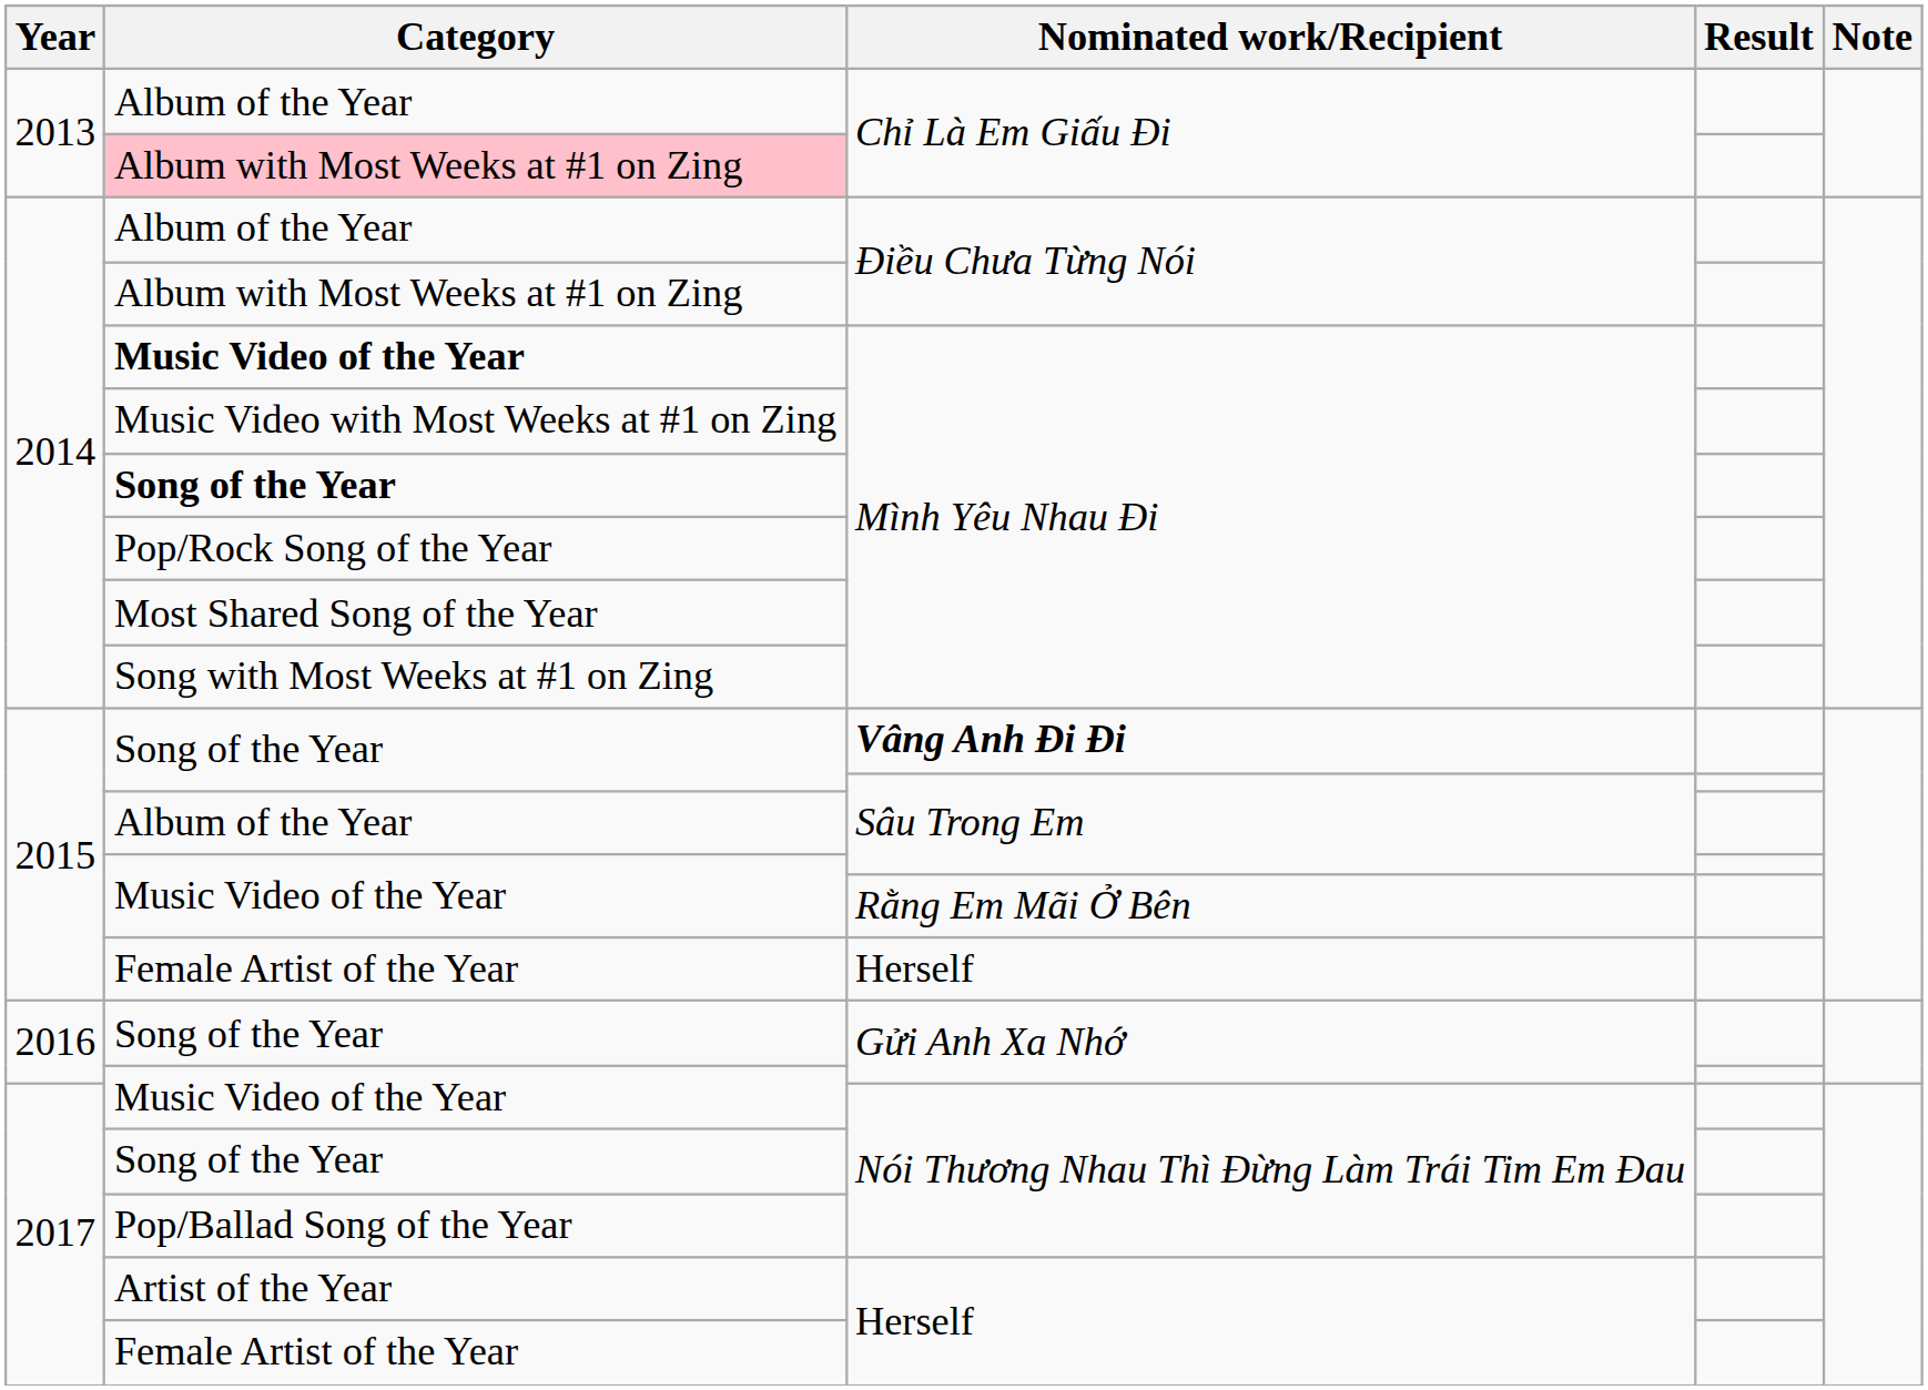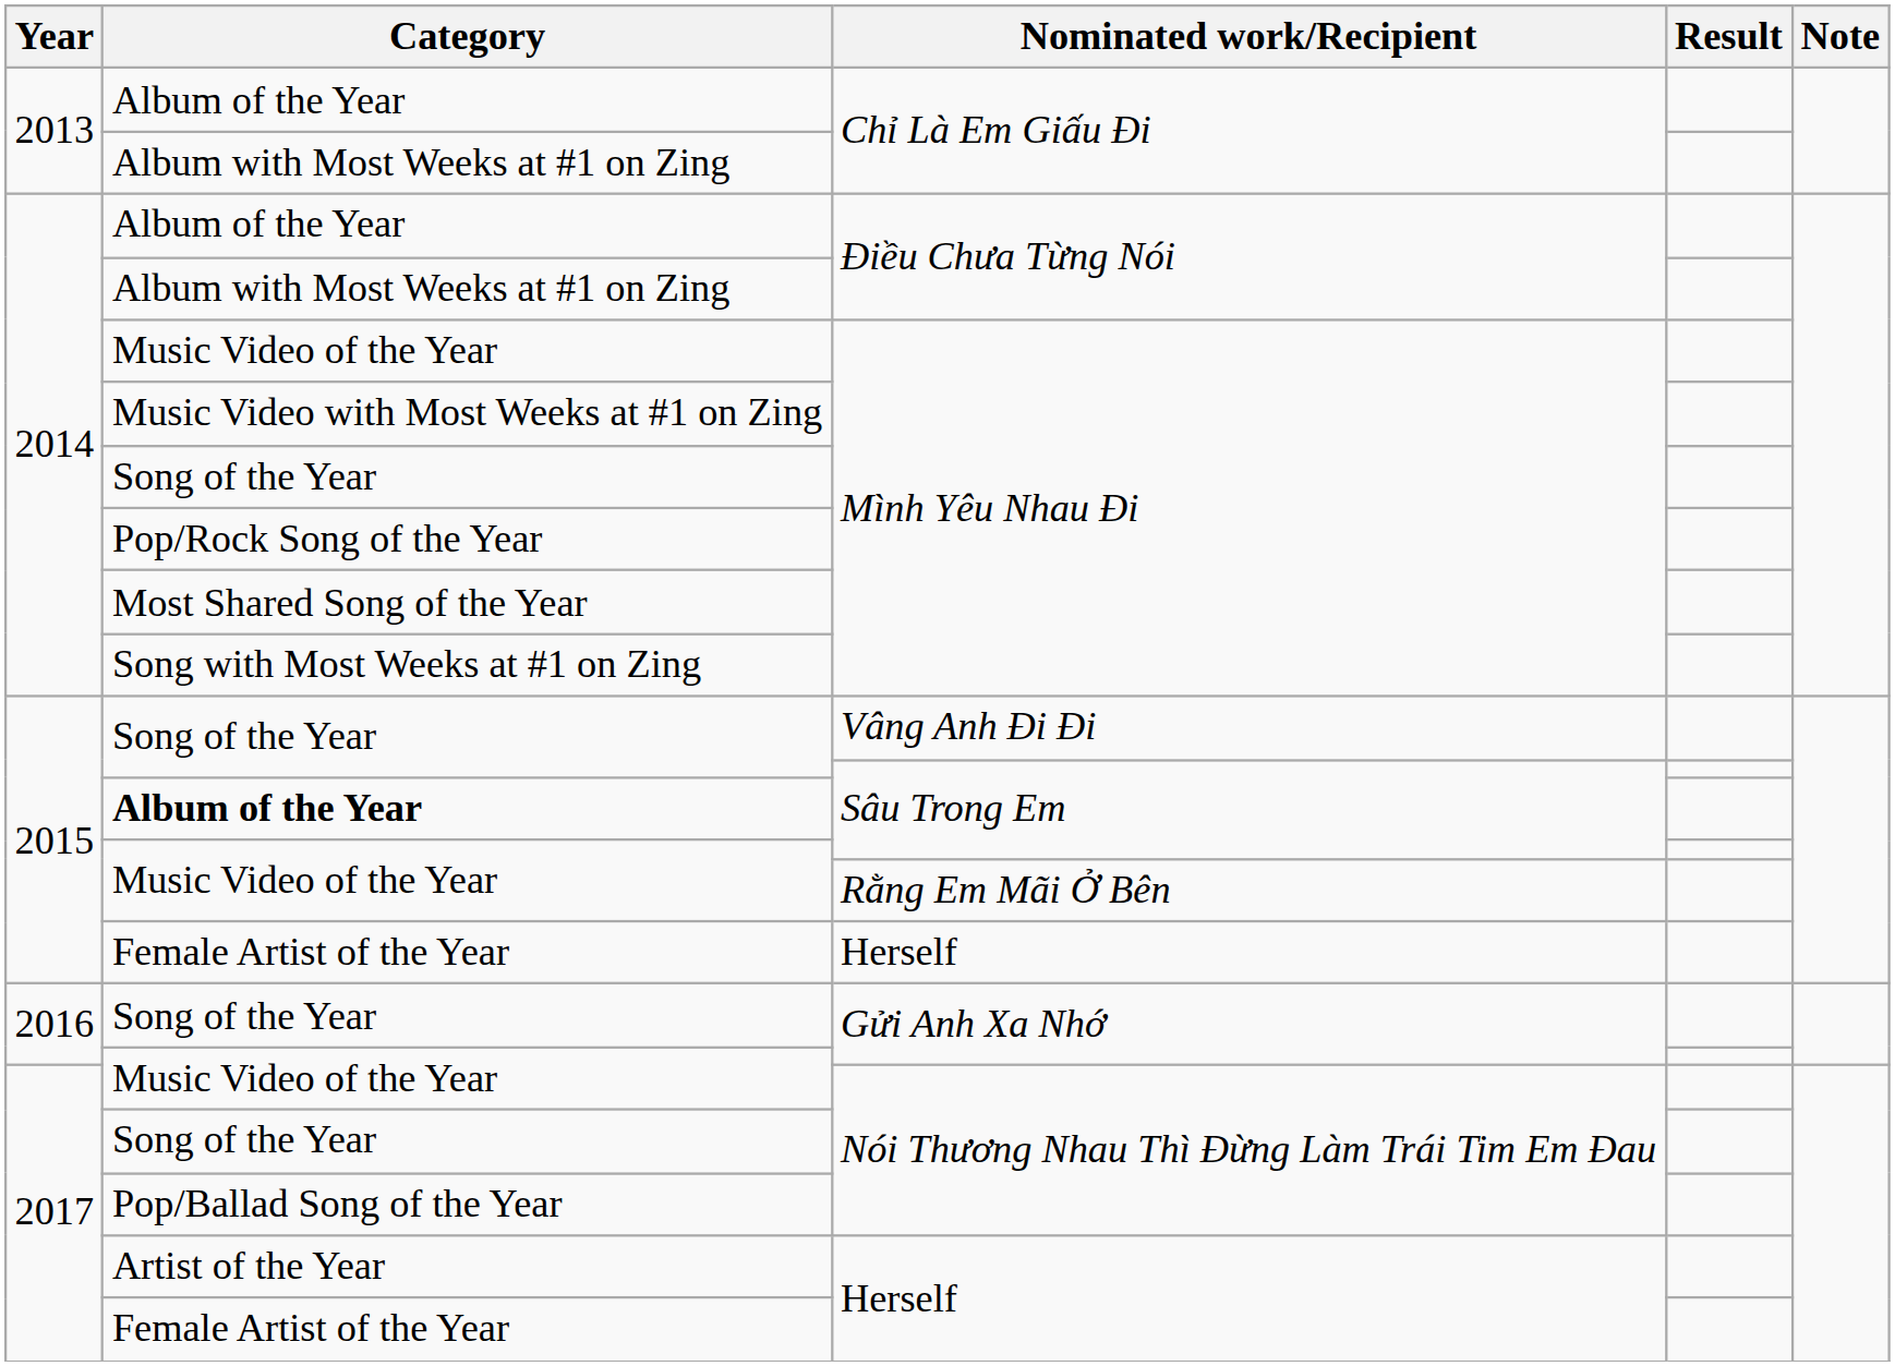 <table class="wikitable">
 <tr>
 <th>Year</th>
 <th>Category</th>
 <th>Nominated work/Recipient</th>
 <th>Result</th>
 <th>Note</th>
 </tr>
 <tr>
 <td rowspan="2">2013</td>
 <td>Album of the Year</td>
 <td rowspan="2"><em>Chỉ Là Em Giấu Đi</em></td>
 <td></td>
 <td rowspan="2"></td>
 </tr>
 <tr>
-<td style="background: pink;">Album with Most Weeks at #1 on Zing</td>
+<td>Album with Most Weeks at #1 on Zing</td>
 <td></td>
 </tr>
 <tr>
 <td rowspan="8">2014</td>
 <td>Album of the Year</td>
 <td rowspan="2"><em>Điều Chưa Từng Nói</em></td>
 <td></td>
 <td rowspan="8"><br></td>
 </tr>
 <tr>
 <td>Album with Most Weeks at #1 on Zing</td>
 <td></td>
 </tr>
 <tr>
-<td><strong>Music Video of the Year</strong></td>
+<td>Music Video of the Year</td>
 <td rowspan="6"><em>Mình Yêu Nhau Đi</em></td>
 <td></td>
 </tr>
 <tr>
 <td>Music Video with Most Weeks at #1 on Zing</td>
 <td></td>
 </tr>
 <tr>
-<td><strong>Song of the Year</strong></td>
+<td>Song of the Year</td>
 <td></td>
 </tr>
 <tr>
 <td>Pop/Rock Song of the Year</td>
 <td></td>
 </tr>
 <tr>
 <td>Most Shared Song of the Year</td>
 <td></td>
 </tr>
 <tr>
 <td>Song with Most Weeks at #1 on Zing</td>
 <td></td>
 </tr>
 <tr>
 <td rowspan="6">2015</td>
 <td rowspan="2">Song of the Year</td>
-<td><strong><em>Vâng Anh Đi Đi</em></strong></td>
+<td><em>Vâng Anh Đi Đi</em></td>
 <td></td>
 <td rowspan="6"><br></td>
 </tr>
 <tr>
 <td rowspan="3"><em>Sâu Trong Em</em></td>
 <td></td>
 </tr>
 <tr>
-<td>Album of the Year</td>
+<td><strong>Album of the Year</strong></td>
 <td></td>
 </tr>
 <tr>
 <td rowspan="2">Music Video of the Year</td>
 <td></td>
 </tr>
 <tr>
 <td><em>Rằng Em Mãi Ở Bên</em></td>
 <td></td>
 </tr>
 <tr>
 <td>Female Artist of the Year</td>
 <td>Herself</td>
 <td></td>
 </tr>
 <tr>
 <td rowspan="2">2016</td>
 <td>Song of the Year</td>
 <td rowspan="2"><em>Gửi Anh Xa Nhớ</em></td>
 <td></td>
 <td rowspan="2"><br></td>
 </tr>
 <tr>
 <td rowspan="2">Music Video of the Year</td>
 <td></td>
 </tr>
 <tr>
 <td rowspan="5">2017</td>
 <td rowspan="3"><em>Nói Thương Nhau Thì Đừng Làm Trái Tim Em Đau</em></td>
 <td></td>
 <td rowspan="5"><br><br></td>
 </tr>
 <tr>
 <td>Song of the Year</td>
 <td></td>
 </tr>
 <tr>
 <td>Pop/Ballad Song of the Year</td>
 <td></td>
 </tr>
 <tr>
 <td>Artist of the Year</td>
 <td rowspan="2">Herself</td>
 <td></td>
 </tr>
 <tr>
 <td>Female Artist of the Year</td>
 <td></td>
 </tr>
 </table>
